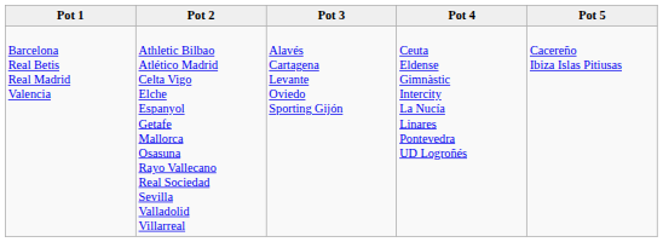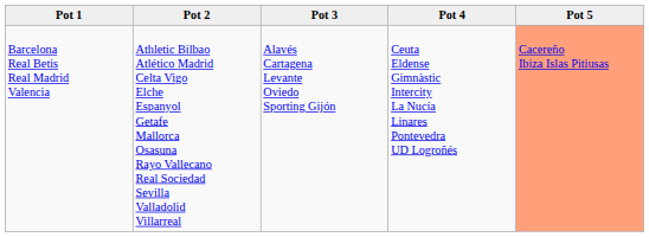 <table class="wikitable" style="font-size:90%">
 <tr bgcolor=#efefef align=center>
 <td width=15%><strong>Pot 1</strong><br></td>
 <td width=15%><strong>Pot 2</strong><br></td>
 <td width=15%><strong>Pot 3</strong><br></td>
 <td width=15%><strong>Pot 4</strong><br></td>
 <td width=15%><strong>Pot 5</strong><br></td>
 </tr>
 <tr valign=top>
 <td><br><a href='#'>Barcelona</a><br> <a href='#'>Real Betis</a><br> <a href='#'>Real Madrid</a><br> <a href='#'>Valencia</a></td>
 <td><br><a href='#'>Athletic Bilbao</a><br> <a href='#'>Atlético Madrid</a><br> <a href='#'>Celta Vigo</a><br> <a href='#'>Elche</a><br> <a href='#'>Espanyol</a><br> <a href='#'>Getafe</a><br> <a href='#'>Mallorca</a><br> <a href='#'>Osasuna</a><br> <a href='#'>Rayo Vallecano</a><br> <a href='#'>Real Sociedad</a><br> <a href='#'>Sevilla</a><br> <a href='#'>Valladolid</a><br> <a href='#'>Villarreal</a><br></td>
 <td><br><a href='#'>Alavés</a><br> <a href='#'>Cartagena</a><br> <a href='#'>Levante</a><br> <a href='#'>Oviedo</a><br> <a href='#'>Sporting Gijón</a><br></td>
 <td><br><a href='#'>Ceuta</a><br> <a href='#'>Eldense</a><br> <a href='#'>Gimnàstic</a><br> <a href='#'>Intercity</a><br> <a href='#'>La Nucía</a><br> <a href='#'>Linares</a><br> <a href='#'>Pontevedra</a><br> <a href='#'>UD Logroñés</a><br></td>
-<td><br><a href='#'>Cacereño</a><br> <a href='#'>Ibiza Islas Pitiusas</a></td>
+<td style="background: lightsalmon;"><br><a href='#'>Cacereño</a><br> <a href='#'>Ibiza Islas Pitiusas</a></td>
 </tr>
 </table>
